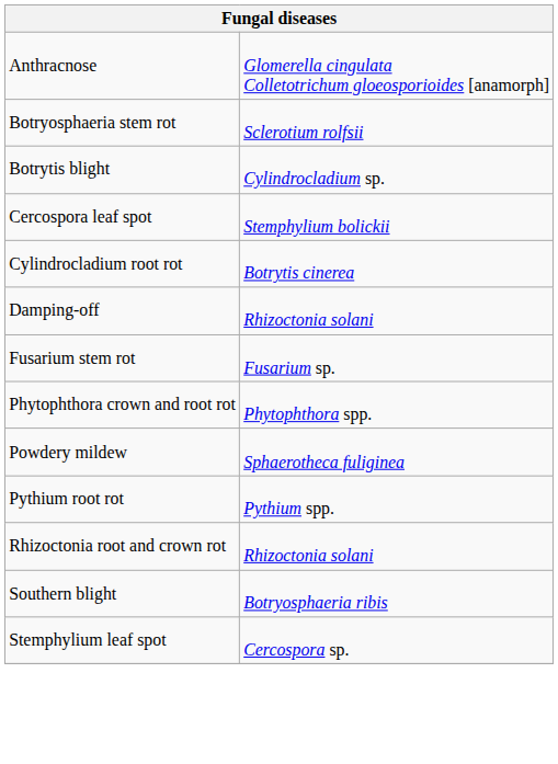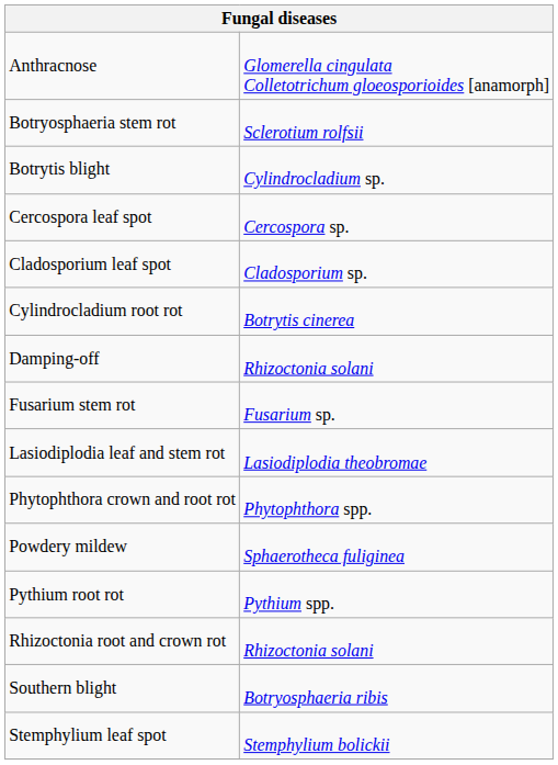 <table class="wikitable" style="clear">
 <tr>
 <th colspan=2><strong>Fungal diseases</strong><br></th>
 </tr>
 <tr>
 <td>Anthracnose</td>
 <td><br><em><a href='#'>Glomerella cingulata</a></em><br> <em><a href='#'>Colletotrichum gloeosporioides</a></em> [anamorph]</td>
 </tr>
 <tr>
 <td>Botryosphaeria stem rot</td>
 <td><br><em><a href='#'>Sclerotium rolfsii</a></em></td>
 </tr>
 <tr>
 <td>Botrytis blight</td>
 <td><br><em><a href='#'>Cylindrocladium</a></em> sp.</td>
 </tr>
 <tr>
 <td>Cercospora leaf spot</td>
-<td><br><em><a href='#'>Stemphylium bolickii</a></em></td>
+<td><br><em><a href='#'>Cercospora</a></em> sp.</td>
+</tr>
+<tr>
+<td>Cladosporium leaf spot</td>
+<td><br><em><a href='#'>Cladosporium</a></em> sp.</td>
 </tr>
 <tr>
 <td>Cylindrocladium root rot</td>
 <td><br><em><a href='#'>Botrytis cinerea</a></em></td>
 </tr>
 <tr>
 <td>Damping-off</td>
 <td><br><em><a href='#'>Rhizoctonia solani</a></em></td>
 </tr>
 <tr>
 <td>Fusarium stem rot</td>
 <td><br><em><a href='#'>Fusarium</a></em> sp.</td>
+</tr>
+<tr>
+<td>Lasiodiplodia leaf and stem rot</td>
+<td><br><em><a href='#'>Lasiodiplodia theobromae</a></em></td>
 </tr>
 <tr>
 <td>Phytophthora crown and root rot</td>
 <td><br><em><a href='#'>Phytophthora</a></em> spp.</td>
 </tr>
 <tr>
 <td>Powdery mildew</td>
 <td><br><em><a href='#'>Sphaerotheca fuliginea</a></em></td>
 </tr>
 <tr>
 <td>Pythium root rot</td>
 <td><br><em><a href='#'>Pythium</a></em> spp.</td>
 </tr>
 <tr>
 <td>Rhizoctonia root and crown rot</td>
 <td><br><em><a href='#'>Rhizoctonia solani</a></em></td>
 </tr>
 <tr>
 <td>Southern blight</td>
 <td><br><em><a href='#'>Botryosphaeria ribis</a></em></td>
 </tr>
 <tr>
 <td>Stemphylium leaf spot</td>
-<td><br><em><a href='#'>Cercospora</a></em> sp.</td>
+<td><br><em><a href='#'>Stemphylium bolickii</a></em></td>
 </tr>
 <tr>
 </tr>
 </table>
